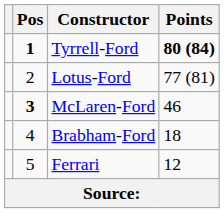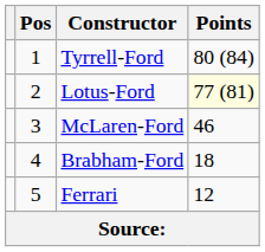 <table class="wikitable" style="font-size: 95%;">
 <tr>
 <th></th>
 <th>Pos</th>
 <th>Constructor</th>
 <th>Points</th>
 </tr>
 <tr>
 <td align="left"></td>
-<td align="center"><strong>1</strong></td>
+<td align="center">1</td>
 <td> <a href='#'>Tyrrell</a>-<a href='#'>Ford</a></td>
-<td align="left"><strong>80 (84)</strong></td>
+<td align="left">80 (84)</td>
 </tr>
 <tr>
 <td align="left"></td>
 <td align="center">2</td>
 <td> <a href='#'>Lotus</a>-<a href='#'>Ford</a></td>
-<td align="left">77 (81)</td>
+<td align="left" style="background: lightyellow;">77 (81)</td>
 </tr>
 <tr>
 <td align="left"></td>
-<td align="center"><strong>3</strong></td>
+<td align="center">3</td>
 <td> <a href='#'>McLaren</a>-<a href='#'>Ford</a></td>
 <td align="left">46</td>
 </tr>
 <tr>
 <td align="left"></td>
 <td align="center">4</td>
 <td> <a href='#'>Brabham</a>-<a href='#'>Ford</a></td>
 <td align="left">18</td>
 </tr>
 <tr>
 <td align="left"></td>
 <td align="center">5</td>
 <td> <a href='#'>Ferrari</a></td>
 <td align="left">12</td>
 </tr>
 <tr>
 <th colspan=4>Source: </th>
 </tr>
 </table>
